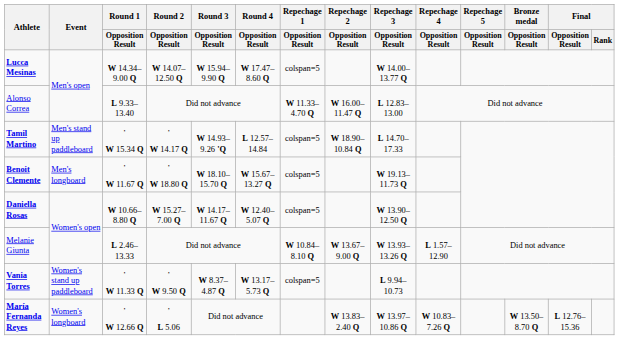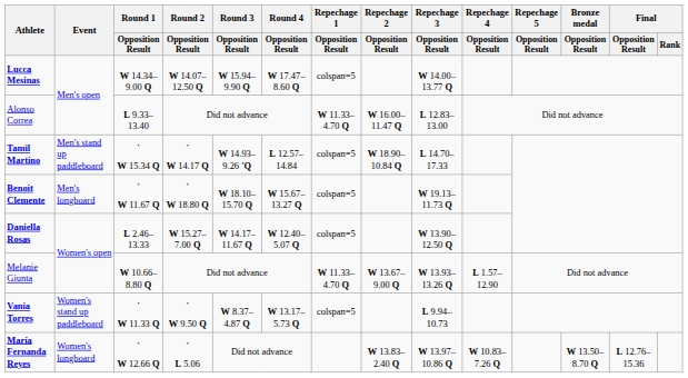 <table class=wikitable style=font-size:75%;text-align:center>
 <tr>
 <th rowspan=2>Athlete</th>
 <th rowspan=2>Event</th>
 <th>Round 1</th>
 <th>Round 2</th>
 <th>Round 3</th>
 <th>Round 4</th>
 <th>Repechage 1</th>
 <th>Repechage 2</th>
 <th>Repechage 3</th>
 <th>Repechage 4</th>
 <th>Repechage 5</th>
 <th>Bronze medal</th>
 <th colspan=2>Final</th>
 </tr>
 <tr style=font-size:95%>
 <th>Opposition<br>Result</th>
 <th>Opposition<br>Result</th>
 <th>Opposition<br>Result</th>
 <th>Opposition<br>Result</th>
 <th>Opposition<br>Result</th>
 <th>Opposition<br>Result</th>
 <th>Opposition<br>Result</th>
 <th>Opposition<br>Result</th>
 <th>Opposition<br>Result</th>
 <th>Opposition<br>Result</th>
 <th>Opposition<br>Result</th>
 <th>Rank</th>
 </tr>
 <tr>
 <td align=left><strong><a href='#'>Lucca Mesinas</a></strong></td>
 <td align=left rowspan=2><a href='#'>Men's open</a></td>
 <td><br><strong>W</strong> 14.34–9.00 <strong>Q</strong></td>
 <td><br><strong>W</strong> 14.07–12.50 <strong>Q</strong></td>
 <td><br><strong>W</strong> 15.94–9.90 <strong>Q</strong></td>
 <td><br><strong>W</strong> 17.47–8.60 <strong>Q</strong></td>
 <td>colspan=5 </td>
 <td></td>
 <td><br><strong>W</strong> 14.00–13.77 <strong>Q</strong></td>
 <td></td>
 </tr>
 <tr>
 <td align=left><a href='#'>Alonso Correa</a></td>
 <td><br><strong>L</strong> 9.33–13.40</td>
 <td colspan=3>Did not advance</td>
 <td><br><strong>W</strong> 11.33–4.70 <strong>Q</strong></td>
 <td><br><strong>W</strong> 16.00–11.47 <strong>Q</strong></td>
 <td><br><strong>L</strong> 12.83–13.00</td>
 <td colspan=5>Did not advance</td>
 </tr>
 <tr>
 <td align=left><strong><a href='#'>Tamil Martino</a></strong></td>
 <td align=left><a href='#'>Men's stand up paddleboard</a></td>
 <td>,<br><br><strong>W</strong> 15.34 <strong>Q</strong></td>
 <td>,<br><br><strong>W</strong> 14.17 <strong>Q</strong></td>
 <td><br><strong>W</strong> 14.93–9.26 <strong>'Q</strong></td>
 <td><br><strong>L</strong> 12.57–14.84</td>
 <td>colspan=5 </td>
 <td><br><strong>W</strong> 18.90–10.84 <strong>Q</strong></td>
 <td><br><strong>L</strong> 14.70–17.33</td>
 <td></td>
 </tr>
 <tr>
 <td align=left><strong><a href='#'>Benoit Clemente</a></strong></td>
 <td align=left><a href='#'>Men's longboard</a></td>
 <td>,<br><br><strong>W</strong> 11.67 <strong>Q</strong></td>
 <td>,<br><br><strong>W</strong> 18.80 <strong>Q</strong></td>
 <td><br><strong>W</strong> 18.10–15.70 <strong>Q</strong></td>
 <td><br><strong>W</strong> 15.67–13.27 <strong>Q</strong></td>
 <td>colspan=5 </td>
 <td></td>
 <td><br><strong>W</strong> 19.13–11.73 <strong>Q</strong></td>
 <td></td>
 </tr>
 <tr>
 <td align=left><strong><a href='#'>Daniella Rosas</a></strong></td>
 <td align=left rowspan=2><a href='#'>Women's open</a></td>
-<td><br><strong>W</strong> 10.66–8.80 <strong>Q</strong></td>
+<td><br><strong>L</strong> 2.46–13.33</td>
 <td><br><strong>W</strong> 15.27–7.00 <strong>Q</strong></td>
 <td><br><strong>W</strong> 14.17–11.67 <strong>Q</strong></td>
 <td><br><strong>W</strong> 12.40–5.07 <strong>Q</strong></td>
 <td>colspan=5 </td>
 <td></td>
 <td><br><strong>W</strong> 13.90–12.50 <strong>Q</strong></td>
 <td></td>
 </tr>
 <tr>
 <td align=left><a href='#'>Melanie Giunta</a></td>
-<td><br><strong>L</strong> 2.46–13.33</td>
+<td><br><strong>W</strong> 10.66–8.80 <strong>Q</strong></td>
 <td colspan=3>Did not advance</td>
-<td><br><strong>W</strong> 10.84–8.10 <strong>Q</strong></td>
+<td><br><strong>W</strong> 11.33–4.70 <strong>Q</strong></td>
 <td><br><strong>W</strong> 13.67–9.00 <strong>Q</strong></td>
 <td><br><strong>W</strong> 13.93–13.26 <strong>Q</strong></td>
 <td><br><strong>L</strong> 1.57–12.90</td>
 <td colspan=4>Did not advance</td>
 </tr>
 <tr>
 <td align=left><strong><a href='#'>Vania Torres</a></strong></td>
 <td align=left><a href='#'>Women's stand up paddleboard</a></td>
 <td>,<br><br><strong>W</strong> 11.33 <strong>Q</strong></td>
 <td>,<br><br><strong>W</strong> 9.50 <strong>Q</strong></td>
 <td><br><strong>W</strong> 8.37–4.87 <strong>Q</strong></td>
 <td><br><strong>W</strong> 13.17–5.73 <strong>Q</strong></td>
 <td>colspan=5 </td>
 <td></td>
 <td><br><strong>L</strong> 9.94–10.73</td>
 <td></td>
 </tr>
 <tr>
 <td align=left><strong><a href='#'>María Fernanda Reyes</a></strong></td>
 <td align=left><a href='#'>Women's longboard</a></td>
 <td>,<br><br><strong>W</strong> 12.66 <strong>Q</strong></td>
 <td>,<br><br><strong>L</strong> 5.06</td>
 <td colspan=2>Did not advance</td>
 <td></td>
 <td><br><strong>W</strong> 13.83–2.40 <strong>Q</strong></td>
 <td><br><strong>W</strong> 13.97–10.86 <strong>Q</strong></td>
 <td><br><strong>W</strong> 10.83–7.26 <strong>Q</strong></td>
 <td></td>
 <td><br><strong>W</strong> 13.50–8.70 <strong>Q</strong></td>
 <td><br><strong>L</strong> 12.76–15.36</td>
 <td></td>
 </tr>
 </table>
